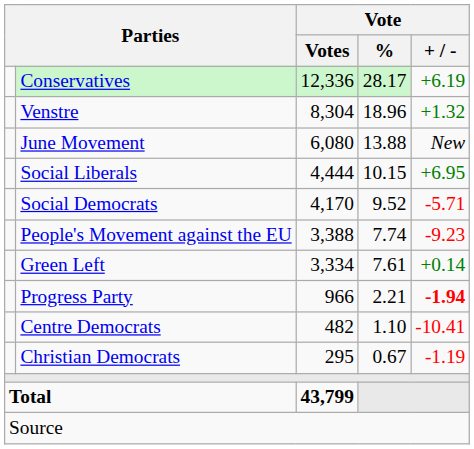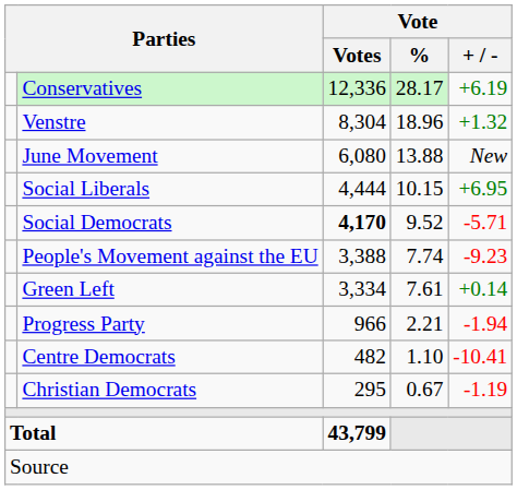 <table class="wikitable" style="text-align:right;">
 <tr>
 <th style="text-align:centre;" rowspan="2" colspan="2" width="225">Parties</th>
 <th colspan="3">Vote</th>
 </tr>
 <tr>
 <th width="15">Votes</th>
 <th width="15">%</th>
 <th width="15">+ / -</th>
 </tr>
 <tr>
 <td width="2" style="color:inherit;background:"></td>
 <td bgcolor=#ccf7cc   align="left"><a href='#'>Conservatives</a></td>
 <td bgcolor=#ccf7cc>12,336</td>
 <td bgcolor=#ccf7cc>28.17</td>
 <td style=color:green;>+6.19</td>
 </tr>
 <tr>
 <td width="2" style="color:inherit;background:"></td>
 <td align="left"><a href='#'>Venstre</a></td>
 <td>8,304</td>
 <td>18.96</td>
 <td style=color:green;>+1.32</td>
 </tr>
 <tr>
 <td width="2" style="color:inherit;background:"></td>
 <td align="left"><a href='#'>June Movement</a></td>
 <td>6,080</td>
 <td>13.88</td>
 <td><em>New</em></td>
 </tr>
 <tr>
 <td width="2" style="color:inherit;background:"></td>
 <td align="left"><a href='#'>Social Liberals</a></td>
 <td>4,444</td>
 <td>10.15</td>
 <td style=color:green;>+6.95</td>
 </tr>
 <tr>
 <td width="2" style="color:inherit;background:"></td>
 <td align="left"><a href='#'>Social Democrats</a></td>
-<td>4,170</td>
+<td><strong>4,170</strong></td>
 <td>9.52</td>
 <td style=color:red;>-5.71</td>
 </tr>
 <tr>
 <td width="2" style="color:inherit;background:"></td>
 <td align="left"><a href='#'>People's Movement against the EU</a></td>
 <td>3,388</td>
 <td>7.74</td>
 <td style=color:red;>-9.23</td>
 </tr>
 <tr>
 <td width="2" style="color:inherit;background:"></td>
 <td align="left"><a href='#'>Green Left</a></td>
 <td>3,334</td>
 <td>7.61</td>
 <td style=color:green;>+0.14</td>
 </tr>
 <tr>
 <td width="2" style="color:inherit;background:"></td>
 <td align="left"><a href='#'>Progress Party</a></td>
 <td>966</td>
 <td>2.21</td>
-<td style=color:red;><strong>-1.94</strong></td>
+<td style=color:red;>-1.94</td>
 </tr>
 <tr>
 <td width="2" style="color:inherit;background:"></td>
 <td align="left"><a href='#'>Centre Democrats</a></td>
 <td>482</td>
 <td>1.10</td>
 <td style=color:red;>-10.41</td>
 </tr>
 <tr>
 <td width="2" style="color:inherit;background:"></td>
 <td align="left"><a href='#'>Christian Democrats</a></td>
 <td>295</td>
 <td>0.67</td>
 <td style=color:red;>-1.19</td>
 </tr>
 <tr>
 <td colspan="7" bgcolor="#E9E9E9"></td>
 </tr>
 <tr>
 <td align="left" colspan="2"><strong>Total</strong></td>
 <td><strong>43,799</strong></td>
 <td bgcolor="#E9E9E9" colspan="2"></td>
 </tr>
 <tr>
 <td align="left" colspan="6">Source</td>
 </tr>
 </table>
